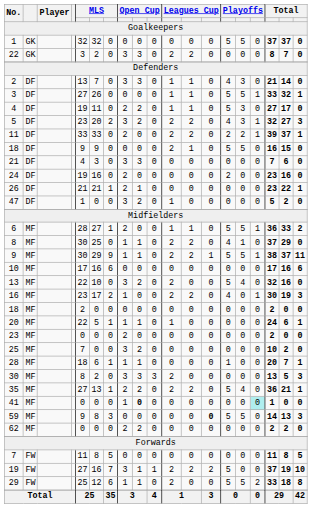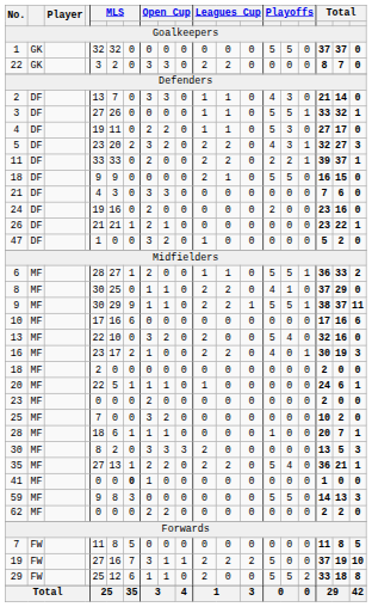 <table class="wikitable mw-datatable sortable nowrap" style="text-align:center; font-size:96%;">
 <tr>
 <th rowspan="2">No.</th>
 <th rowspan="2"></th>
 <th rowspan="2">Player</th>
 <th rowspan="2" style="border-right: 1pt black solid"></th>
 <th colspan="3" style="border-right: 1pt black solid"><a href='#'>MLS</a></th>
 <th colspan="3" style="border-right: 1pt black solid"><a href='#'>Open Cup</a></th>
 <th colspan="3" style="border-right: 1pt black solid"><a href='#'>Leagues Cup</a></th>
 <th colspan="3" style="border-right: 1pt black solid"><a href='#'>Playoffs</a></th>
 <th colspan="3">Total</th>
 </tr>
 <tr>
 <th></th>
 <th></th>
 <th style="border-right: 1pt black solid"></th>
 <th></th>
 <th></th>
 <th style="border-right: 1pt black solid"></th>
 <th></th>
 <th></th>
 <th style="border-right: 1pt black solid"></th>
 <th></th>
 <th></th>
 <th style="border-right: 1pt black solid"></th>
 <th></th>
 <th></th>
 <th></th>
 </tr>
 <tr bgcolor=efefef class="sortbottom">
 <td colspan="19">Goalkeepers</td>
 </tr>
 <tr>
 <td>1</td>
 <td>GK</td>
 <td style="text-align:left"></td>
 <td style="border-right: 1pt black solid"></td>
 <td>32</td>
 <td>32</td>
 <td style="border-right: 1pt black solid">0</td>
 <td>0</td>
 <td>0</td>
 <td style="border-right: 1pt black solid">0</td>
 <td>0</td>
 <td>0</td>
 <td style="border-right: 1pt black solid">0</td>
 <td>5</td>
 <td>5</td>
 <td style="border-right: 1pt black solid">0</td>
 <td><strong>37</strong></td>
 <td><strong>37</strong></td>
 <td><strong>0</strong></td>
 </tr>
 <tr>
 <td>22</td>
 <td>GK</td>
 <td style="text-align:left"></td>
 <td style="border-right: 1pt black solid"></td>
 <td>3</td>
 <td>2</td>
 <td style="border-right: 1pt black solid">0</td>
 <td>3</td>
 <td>3</td>
 <td style="border-right: 1pt black solid">0</td>
 <td>2</td>
 <td>2</td>
 <td style="border-right: 1pt black solid">0</td>
 <td>0</td>
 <td>0</td>
 <td style="border-right: 1pt black solid">0</td>
 <td><strong>8</strong></td>
 <td><strong>7</strong></td>
 <td><strong>0</strong></td>
 </tr>
 <tr>
 </tr>
 <tr bgcolor=efefef class="sortbottom">
 <td colspan="19">Defenders</td>
 </tr>
 <tr>
 <td>2</td>
 <td>DF</td>
 <td style="text-align:left"></td>
 <td style="border-right: 1pt black solid"></td>
 <td>13</td>
 <td>7</td>
 <td style="border-right: 1pt black solid">0</td>
 <td>3</td>
 <td>3</td>
 <td style="border-right: 1pt black solid">0</td>
 <td>1</td>
 <td>1</td>
 <td style="border-right: 1pt black solid">0</td>
 <td>4</td>
 <td>3</td>
 <td style="border-right: 1pt black solid">0</td>
 <td><strong>21</strong></td>
 <td><strong>14</strong></td>
 <td><strong>0</strong></td>
 </tr>
 <tr>
 <td>3</td>
 <td>DF</td>
 <td style="text-align:left"></td>
 <td style="border-right: 1pt black solid"></td>
 <td>27</td>
 <td>26</td>
 <td style="border-right: 1pt black solid">0</td>
 <td>0</td>
 <td>0</td>
 <td style="border-right: 1pt black solid">0</td>
 <td>1</td>
 <td>1</td>
 <td style="border-right: 1pt black solid">0</td>
 <td>5</td>
 <td>5</td>
 <td style="border-right: 1pt black solid">1</td>
 <td><strong>33</strong></td>
 <td><strong>32</strong></td>
 <td><strong>1</strong></td>
 </tr>
 <tr>
 <td>4</td>
 <td>DF</td>
 <td style="text-align:left"></td>
 <td style="border-right: 1pt black solid"></td>
 <td>19</td>
 <td>11</td>
 <td style="border-right: 1pt black solid">0</td>
 <td>2</td>
 <td>2</td>
 <td style="border-right: 1pt black solid">0</td>
 <td>1</td>
 <td>1</td>
 <td style="border-right: 1pt black solid">0</td>
 <td>5</td>
 <td>3</td>
 <td style="border-right: 1pt black solid">0</td>
 <td><strong>27</strong></td>
 <td><strong>17</strong></td>
 <td><strong>0</strong></td>
 </tr>
 <tr>
 <td>5</td>
 <td>DF</td>
 <td style="text-align:left"></td>
 <td style="border-right: 1pt black solid"></td>
 <td>23</td>
 <td>20</td>
 <td style="border-right: 1pt black solid">2</td>
 <td>3</td>
 <td>2</td>
 <td style="border-right: 1pt black solid">0</td>
 <td>2</td>
 <td>2</td>
 <td style="border-right: 1pt black solid">0</td>
 <td>4</td>
 <td>3</td>
 <td style="border-right: 1pt black solid">1</td>
 <td><strong>32</strong></td>
 <td><strong>27</strong></td>
 <td><strong>3</strong></td>
 </tr>
 <tr>
 <td>11</td>
 <td>DF</td>
 <td style="text-align:left"></td>
 <td style="border-right: 1pt black solid"></td>
 <td>33</td>
 <td>33</td>
 <td style="border-right: 1pt black solid">0</td>
 <td>2</td>
 <td>0</td>
 <td style="border-right: 1pt black solid">0</td>
 <td>2</td>
 <td>2</td>
 <td style="border-right: 1pt black solid">0</td>
 <td>2</td>
 <td>2</td>
 <td style="border-right: 1pt black solid">1</td>
 <td><strong>39</strong></td>
 <td><strong>37</strong></td>
 <td><strong>1</strong></td>
 </tr>
 <tr>
 <td>18</td>
 <td>DF</td>
 <td style="text-align:left"></td>
 <td style="border-right: 1pt black solid"></td>
 <td>9</td>
 <td>9</td>
 <td style="border-right: 1pt black solid">0</td>
 <td>0</td>
 <td>0</td>
 <td style="border-right: 1pt black solid">0</td>
 <td>2</td>
 <td>1</td>
 <td style="border-right: 1pt black solid">0</td>
 <td>5</td>
 <td>5</td>
 <td style="border-right: 1pt black solid">0</td>
 <td><strong>16</strong></td>
 <td><strong>15</strong></td>
 <td><strong>0</strong></td>
 </tr>
 <tr>
 <td>21</td>
 <td>DF</td>
 <td style="text-align:left"></td>
 <td style="border-right: 1pt black solid"></td>
 <td>4</td>
 <td>3</td>
 <td style="border-right: 1pt black solid">0</td>
 <td>3</td>
 <td>3</td>
 <td style="border-right: 1pt black solid">0</td>
 <td>0</td>
 <td>0</td>
 <td style="border-right: 1pt black solid">0</td>
 <td>0</td>
 <td>0</td>
 <td style="border-right: 1pt black solid">0</td>
 <td><strong>7</strong></td>
 <td><strong>6</strong></td>
 <td><strong>0</strong></td>
 </tr>
 <tr>
 <td>24</td>
 <td>DF</td>
 <td style="text-align:left"></td>
 <td style="border-right: 1pt black solid"></td>
 <td>19</td>
 <td>16</td>
 <td style="border-right: 1pt black solid">0</td>
 <td>2</td>
 <td>0</td>
 <td style="border-right: 1pt black solid">0</td>
 <td>0</td>
 <td>0</td>
 <td style="border-right: 1pt black solid">0</td>
 <td>2</td>
 <td>0</td>
 <td style="border-right: 1pt black solid">0</td>
 <td><strong>23</strong></td>
 <td><strong>16</strong></td>
 <td><strong>0</strong></td>
 </tr>
 <tr>
 <td>26</td>
 <td>DF</td>
 <td style="text-align:left"></td>
 <td style="border-right: 1pt black solid"></td>
 <td>21</td>
 <td>21</td>
 <td style="border-right: 1pt black solid">1</td>
 <td>2</td>
 <td>1</td>
 <td style="border-right: 1pt black solid">0</td>
 <td>0</td>
 <td>0</td>
 <td style="border-right: 1pt black solid">0</td>
 <td>0</td>
 <td>0</td>
 <td style="border-right: 1pt black solid">0</td>
 <td><strong>23</strong></td>
 <td><strong>22</strong></td>
 <td><strong>1</strong></td>
 </tr>
 <tr>
 <td>47</td>
 <td>DF</td>
 <td style="text-align:left"></td>
 <td style="border-right: 1pt black solid"></td>
 <td>1</td>
 <td>0</td>
 <td style="border-right: 1pt black solid">0</td>
 <td>3</td>
 <td>2</td>
 <td style="border-right: 1pt black solid">0</td>
 <td>1</td>
 <td>0</td>
 <td style="border-right: 1pt black solid">0</td>
 <td>0</td>
 <td>0</td>
 <td style="border-right: 1pt black solid">0</td>
 <td><strong>5</strong></td>
 <td><strong>2</strong></td>
 <td><strong>0</strong></td>
 </tr>
 <tr>
 </tr>
 <tr bgcolor=efefef class="sortbottom">
 <td colspan="19">Midfielders</td>
 </tr>
 <tr>
 <td>6</td>
 <td>MF</td>
 <td style="text-align:left"></td>
 <td style="border-right: 1pt black solid"></td>
 <td>28</td>
 <td>27</td>
 <td style="border-right: 1pt black solid">1</td>
 <td>2</td>
 <td>0</td>
 <td style="border-right: 1pt black solid">0</td>
 <td>1</td>
 <td>1</td>
 <td style="border-right: 1pt black solid">0</td>
 <td>5</td>
 <td>5</td>
 <td style="border-right: 1pt black solid">1</td>
 <td><strong>36</strong></td>
 <td><strong>33</strong></td>
 <td><strong>2</strong></td>
 </tr>
 <tr>
 <td>8</td>
 <td>MF</td>
 <td style="text-align:left"></td>
 <td style="border-right: 1pt black solid"></td>
 <td>30</td>
 <td>25</td>
 <td style="border-right: 1pt black solid">0</td>
 <td>1</td>
 <td>1</td>
 <td style="border-right: 1pt black solid">0</td>
 <td>2</td>
 <td>2</td>
 <td style="border-right: 1pt black solid">0</td>
 <td>4</td>
 <td>1</td>
 <td style="border-right: 1pt black solid">0</td>
 <td><strong>37</strong></td>
 <td><strong>29</strong></td>
 <td><strong>0</strong></td>
 </tr>
 <tr>
 <td>9</td>
 <td>MF</td>
 <td style="text-align:left"></td>
 <td style="border-right: 1pt black solid"></td>
 <td>30</td>
 <td>29</td>
 <td style="border-right: 1pt black solid">9</td>
 <td>1</td>
 <td>1</td>
 <td style="border-right: 1pt black solid">0</td>
 <td>2</td>
 <td>2</td>
 <td style="border-right: 1pt black solid">1</td>
 <td>5</td>
 <td>5</td>
 <td style="border-right: 1pt black solid">1</td>
 <td><strong>38</strong></td>
 <td><strong>37</strong></td>
 <td><strong>11</strong></td>
 </tr>
 <tr>
 <td>10</td>
 <td>MF</td>
 <td style="text-align:left"></td>
 <td style="border-right: 1pt black solid"></td>
 <td>17</td>
 <td>16</td>
 <td style="border-right: 1pt black solid">6</td>
 <td>0</td>
 <td>0</td>
 <td style="border-right: 1pt black solid">0</td>
 <td>0</td>
 <td>0</td>
 <td style="border-right: 1pt black solid">0</td>
 <td>0</td>
 <td>0</td>
 <td style="border-right: 1pt black solid">0</td>
 <td><strong>17</strong></td>
 <td><strong>16</strong></td>
 <td><strong>6</strong></td>
 </tr>
 <tr>
 <td>13</td>
 <td>MF</td>
 <td style="text-align:left"></td>
 <td style="border-right: 1pt black solid"></td>
 <td>22</td>
 <td>10</td>
 <td style="border-right: 1pt black solid">0</td>
 <td>3</td>
 <td>2</td>
 <td style="border-right: 1pt black solid">0</td>
 <td>2</td>
 <td>0</td>
 <td style="border-right: 1pt black solid">0</td>
 <td>5</td>
 <td>4</td>
 <td style="border-right: 1pt black solid">0</td>
 <td><strong>32</strong></td>
 <td><strong>16</strong></td>
 <td><strong>0</strong></td>
 </tr>
 <tr>
 <td>16</td>
 <td>MF</td>
 <td style="text-align:left"></td>
 <td style="border-right: 1pt black solid"></td>
 <td>23</td>
 <td>17</td>
 <td style="border-right: 1pt black solid">2</td>
 <td>1</td>
 <td>0</td>
 <td style="border-right: 1pt black solid">0</td>
 <td>2</td>
 <td>2</td>
 <td style="border-right: 1pt black solid">0</td>
 <td>4</td>
 <td>0</td>
 <td style="border-right: 1pt black solid">1</td>
 <td><strong>30</strong></td>
 <td><strong>19</strong></td>
 <td><strong>3</strong></td>
 </tr>
 <tr>
 <td>18</td>
 <td>MF</td>
 <td style="text-align:left"></td>
 <td style="border-right: 1pt black solid"></td>
 <td>2</td>
 <td>0</td>
 <td style="border-right: 1pt black solid">0</td>
 <td>0</td>
 <td>0</td>
 <td style="border-right: 1pt black solid">0</td>
 <td>0</td>
 <td>0</td>
 <td style="border-right: 1pt black solid">0</td>
 <td>0</td>
 <td>0</td>
 <td style="border-right: 1pt black solid">0</td>
 <td><strong>2</strong></td>
 <td><strong>0</strong></td>
 <td><strong>0</strong></td>
 </tr>
 <tr>
 <td>20</td>
 <td>MF</td>
 <td style="text-align:left"></td>
 <td style="border-right: 1pt black solid"></td>
 <td>22</td>
 <td>5</td>
 <td style="border-right: 1pt black solid">1</td>
 <td>1</td>
 <td>1</td>
 <td style="border-right: 1pt black solid">0</td>
 <td>1</td>
 <td>0</td>
 <td style="border-right: 1pt black solid">0</td>
 <td>0</td>
 <td>0</td>
 <td style="border-right: 1pt black solid">0</td>
 <td><strong>24</strong></td>
 <td><strong>6</strong></td>
 <td><strong>1</strong></td>
 </tr>
 <tr>
 <td>23</td>
 <td>MF</td>
 <td style="text-align:left"></td>
 <td style="border-right: 1pt black solid"></td>
 <td>0</td>
 <td>0</td>
 <td style="border-right: 1pt black solid">0</td>
 <td>2</td>
 <td>0</td>
 <td style="border-right: 1pt black solid">0</td>
 <td>0</td>
 <td>0</td>
 <td style="border-right: 1pt black solid">0</td>
 <td>0</td>
 <td>0</td>
 <td style="border-right: 1pt black solid">0</td>
 <td><strong>2</strong></td>
 <td><strong>0</strong></td>
 <td><strong>0</strong></td>
 </tr>
 <tr>
 <td>25</td>
 <td>MF</td>
 <td style="text-align:left"></td>
 <td style="border-right: 1pt black solid"></td>
 <td>7</td>
 <td>0</td>
 <td style="border-right: 1pt black solid">0</td>
 <td>3</td>
 <td>2</td>
 <td style="border-right: 1pt black solid">0</td>
 <td>0</td>
 <td>0</td>
 <td style="border-right: 1pt black solid">0</td>
 <td>0</td>
 <td>0</td>
 <td style="border-right: 1pt black solid">0</td>
 <td><strong>10</strong></td>
 <td><strong>2</strong></td>
 <td><strong>0</strong></td>
 </tr>
 <tr>
 <td>28</td>
 <td>MF</td>
 <td style="text-align:left"></td>
 <td style="border-right: 1pt black solid"></td>
 <td>18</td>
 <td>6</td>
 <td style="border-right: 1pt black solid">1</td>
 <td>1</td>
 <td>1</td>
 <td style="border-right: 1pt black solid">0</td>
 <td>0</td>
 <td>0</td>
 <td style="border-right: 1pt black solid">0</td>
 <td>1</td>
 <td>0</td>
 <td style="border-right: 1pt black solid">0</td>
 <td><strong>20</strong></td>
 <td><strong>7</strong></td>
 <td><strong>1</strong></td>
 </tr>
 <tr>
 <td>30</td>
 <td>MF</td>
 <td style="text-align:left"></td>
 <td style="border-right: 1pt black solid"></td>
 <td>8</td>
 <td>2</td>
 <td style="border-right: 1pt black solid">0</td>
 <td>3</td>
 <td>3</td>
 <td style="border-right: 1pt black solid">3</td>
 <td>2</td>
 <td>0</td>
 <td style="border-right: 1pt black solid">0</td>
 <td>0</td>
 <td>0</td>
 <td style="border-right: 1pt black solid">0</td>
 <td><strong>13</strong></td>
 <td><strong>5</strong></td>
 <td><strong>3</strong></td>
 </tr>
 <tr>
 <td>35</td>
 <td>MF</td>
 <td style="text-align:left"></td>
 <td style="border-right: 1pt black solid"></td>
 <td>27</td>
 <td>13</td>
 <td style="border-right: 1pt black solid">1</td>
 <td>2</td>
 <td>2</td>
 <td style="border-right: 1pt black solid">0</td>
 <td>2</td>
 <td>2</td>
 <td style="border-right: 1pt black solid">0</td>
 <td>5</td>
 <td>4</td>
 <td style="border-right: 1pt black solid">0</td>
 <td><strong>36</strong></td>
 <td><strong>21</strong></td>
 <td><strong>1</strong></td>
 </tr>
 <tr>
 <td>41</td>
 <td>MF</td>
 <td style="text-align:left"></td>
 <td style="border-right: 1pt black solid"></td>
 <td>0</td>
 <td>0</td>
-<td style="border-right: 1pt black solid">0</td>
+<td style="border-right: 1pt black solid"><strong>0</strong></td>
 <td>1</td>
-<td><strong>0</strong></td>
+<td>0</td>
 <td style="border-right: 1pt black solid">0</td>
 <td>0</td>
 <td>0</td>
 <td style="border-right: 1pt black solid">0</td>
 <td>0</td>
 <td>0</td>
-<td style="background: paleturquoise; border-right: 1pt black solid">0</td>
+<td style="border-right: 1pt black solid">0</td>
 <td><strong>1</strong></td>
 <td><strong>0</strong></td>
 <td><strong>0</strong></td>
 </tr>
 <tr>
 <td>59</td>
 <td>MF</td>
 <td style="text-align:left"></td>
 <td style="border-right: 1pt black solid"></td>
 <td>9</td>
 <td>8</td>
 <td style="border-right: 1pt black solid">3</td>
 <td>0</td>
 <td>0</td>
 <td style="border-right: 1pt black solid">0</td>
 <td>0</td>
 <td>0</td>
-<td style="border-right: 1pt black solid"><strong>0</strong></td>
+<td style="border-right: 1pt black solid">0</td>
 <td>5</td>
 <td>5</td>
 <td style="border-right: 1pt black solid">0</td>
 <td><strong>14</strong></td>
 <td><strong>13</strong></td>
 <td><strong>3</strong></td>
 </tr>
 <tr>
 <td>62</td>
 <td>MF</td>
 <td style="text-align:left"></td>
 <td style="border-right: 1pt black solid"></td>
 <td>0</td>
 <td>0</td>
 <td style="border-right: 1pt black solid">0</td>
 <td>2</td>
 <td>2</td>
 <td style="border-right: 1pt black solid">0</td>
 <td>0</td>
 <td>0</td>
 <td style="border-right: 1pt black solid">0</td>
 <td>0</td>
 <td>0</td>
 <td style="border-right: 1pt black solid">0</td>
 <td><strong>2</strong></td>
 <td><strong>2</strong></td>
 <td><strong>0</strong></td>
 </tr>
 <tr>
 </tr>
 <tr bgcolor=efefef class="sortbottom">
 <td colspan="19">Forwards</td>
 </tr>
 <tr>
 <td>7</td>
 <td>FW</td>
 <td style="text-align:left"></td>
 <td style="border-right: 1pt black solid"></td>
 <td>11</td>
 <td>8</td>
 <td style="border-right: 1pt black solid">5</td>
 <td>0</td>
 <td>0</td>
 <td style="border-right: 1pt black solid">0</td>
 <td>0</td>
 <td>0</td>
 <td style="border-right: 1pt black solid">0</td>
 <td>0</td>
 <td>0</td>
 <td style="border-right: 1pt black solid">0</td>
 <td><strong>11</strong></td>
 <td><strong>8</strong></td>
 <td><strong>5</strong></td>
 </tr>
 <tr>
 <td>19</td>
 <td>FW</td>
 <td style="text-align:left"></td>
 <td style="border-right: 1pt black solid"></td>
 <td>27</td>
 <td>16</td>
 <td style="border-right: 1pt black solid">7</td>
 <td>3</td>
 <td>1</td>
 <td style="border-right: 1pt black solid">1</td>
 <td>2</td>
 <td>2</td>
 <td style="border-right: 1pt black solid">2</td>
 <td>5</td>
 <td>0</td>
 <td style="border-right: 1pt black solid">0</td>
 <td><strong>37</strong></td>
 <td><strong>19</strong></td>
 <td><strong>10</strong></td>
 </tr>
 <tr>
 <td>29</td>
 <td>FW</td>
 <td style="text-align:left"></td>
 <td style="border-right: 1pt black solid"></td>
 <td>25</td>
 <td>12</td>
 <td style="border-right: 1pt black solid">6</td>
 <td>1</td>
 <td>1</td>
 <td style="border-right: 1pt black solid">0</td>
 <td>2</td>
 <td>0</td>
 <td style="border-right: 1pt black solid">0</td>
 <td>5</td>
 <td>5</td>
 <td style="border-right: 1pt black solid">2</td>
 <td><strong>33</strong></td>
 <td><strong>18</strong></td>
 <td><strong>8</strong></td>
 </tr>
 <tr>
 </tr>
 <tr class="sortbottom">
 <th colspan=4 style="border-right: 1pt black solid">Total</th>
 <th colspan=2>25</th>
 <th style="border-right: 1pt black solid">35</th>
 <th colspan=2>3</th>
 <th style="border-right: 1pt black solid">4</th>
 <th colspan=2>1</th>
 <th style="border-right: 1pt black solid">3</th>
 <th colspan=2>0</th>
 <th style="border-right: 1pt black solid">0</th>
 <th colspan=2>29</th>
 <th>42</th>
 </tr>
 </table>
